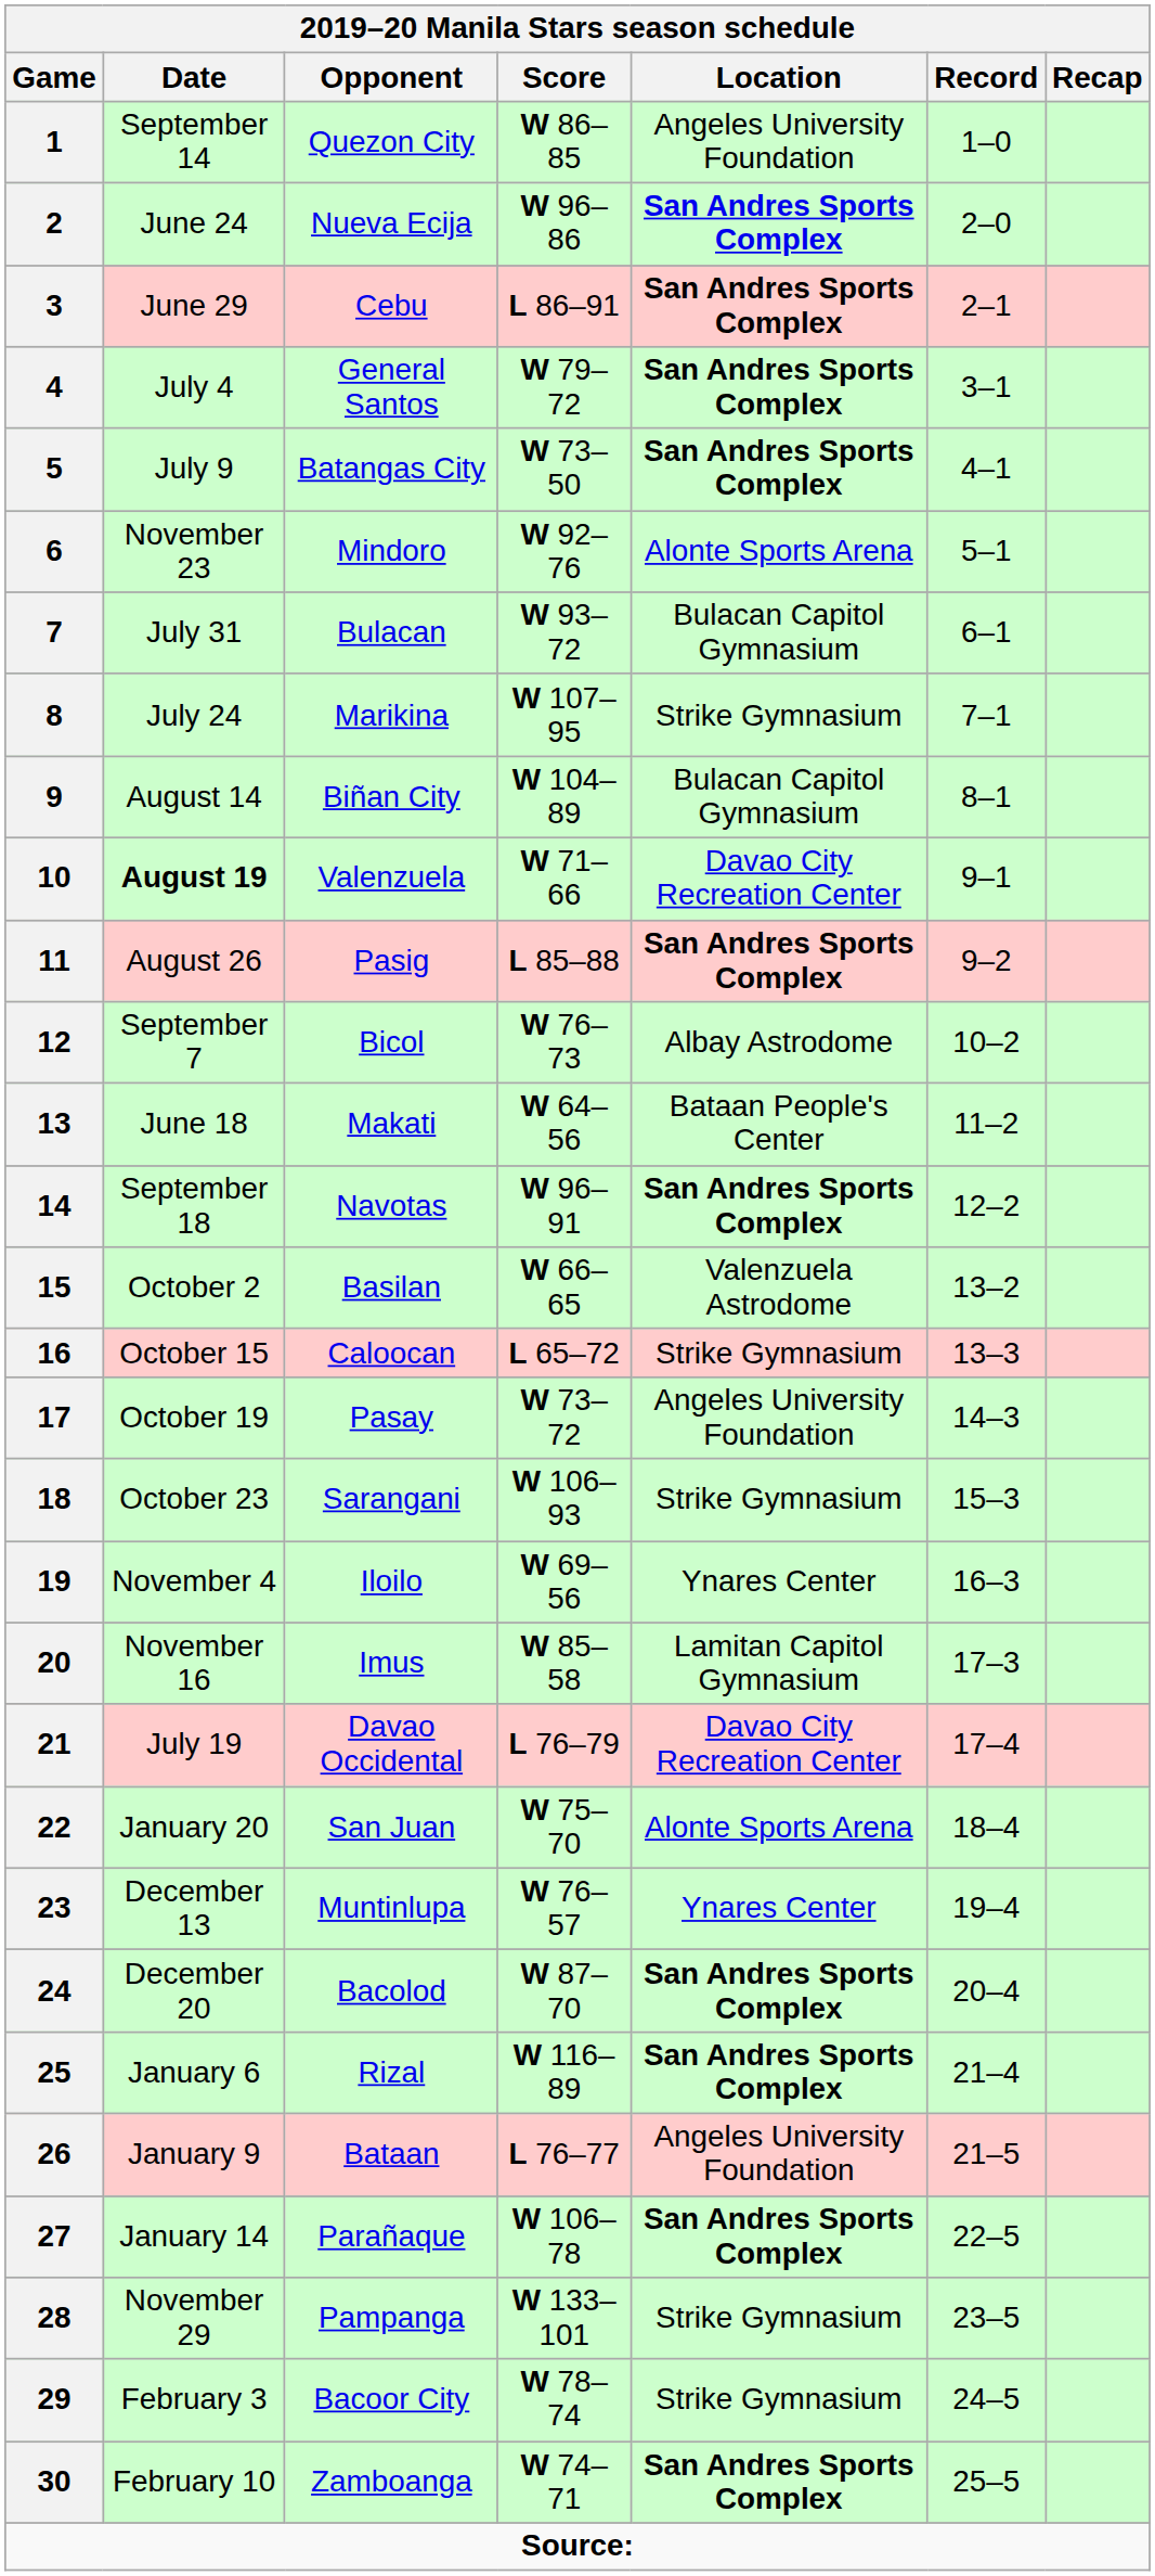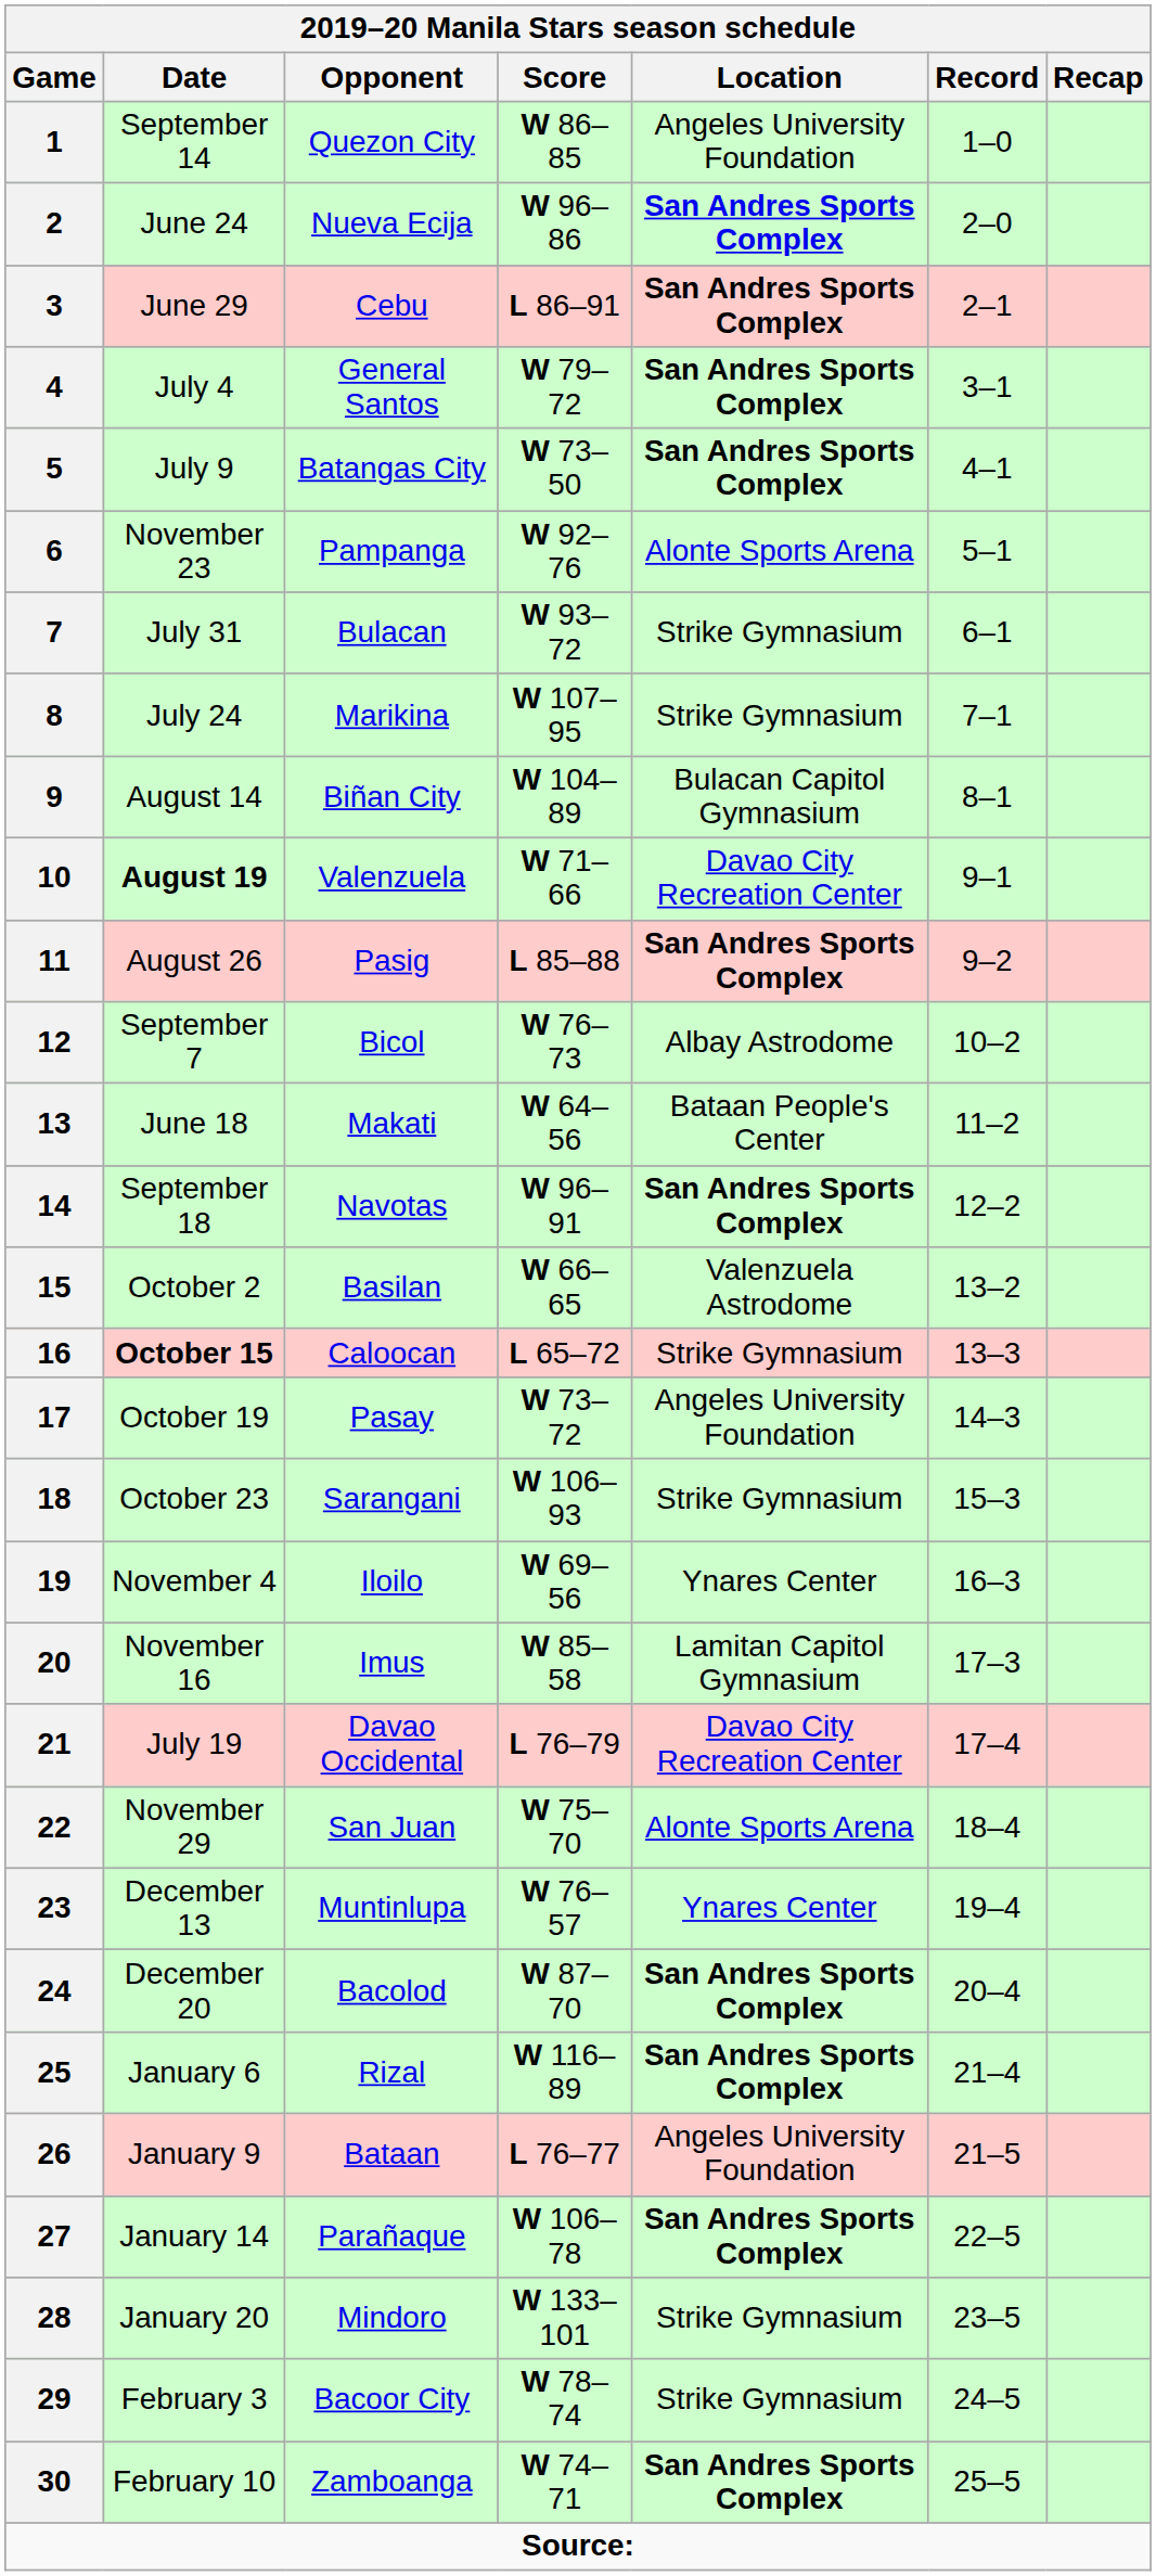 <table class="wikitable" style="text-align:center">
 <tr>
 <th colspan=7>2019–20 Manila Stars season schedule</th>
 </tr>
 <tr>
 <th>Game</th>
 <th>Date</th>
 <th>Opponent</th>
 <th>Score</th>
 <th>Location</th>
 <th>Record</th>
 <th>Recap<br></th>
 </tr>
 <tr style="background:#cfc">
 <th>1</th>
 <td>September 14</td>
 <td><a href='#'>Quezon City</a></td>
 <td><strong>W</strong> 86–85</td>
 <td>Angeles University Foundation</td>
 <td>1–0</td>
 <td></td>
 </tr>
 <tr style="background:#cfc">
 <th>2</th>
 <td>June 24</td>
 <td><a href='#'>Nueva Ecija</a></td>
 <td><strong>W</strong> 96–86</td>
 <td><strong><a href='#'>San Andres Sports Complex</a></strong></td>
 <td>2–0</td>
 <td></td>
 </tr>
 <tr style="background:#fcc">
 <th>3</th>
 <td>June 29</td>
 <td><a href='#'>Cebu</a></td>
 <td><strong>L</strong> 86–91</td>
 <td><strong>San Andres Sports Complex</strong></td>
 <td>2–1</td>
 <td></td>
 </tr>
 <tr style="background:#cfc">
 <th>4</th>
 <td>July 4</td>
 <td><a href='#'>General Santos</a></td>
 <td><strong>W</strong> 79–72</td>
 <td><strong>San Andres Sports Complex</strong></td>
 <td>3–1</td>
 <td></td>
 </tr>
 <tr style="background:#cfc">
 <th>5</th>
 <td>July 9</td>
 <td><a href='#'>Batangas City</a></td>
 <td><strong>W</strong> 73–50</td>
 <td><strong>San Andres Sports Complex</strong></td>
 <td>4–1</td>
 <td></td>
 </tr>
 <tr style="background:#cfc">
 <th>6</th>
 <td>November 23</td>
-<td><a href='#'>Mindoro</a></td>
+<td><a href='#'>Pampanga</a></td>
 <td><strong>W</strong> 92–76</td>
 <td><a href='#'>Alonte Sports Arena</a></td>
 <td>5–1</td>
 <td></td>
 </tr>
 <tr style="background:#cfc">
 <th>7</th>
 <td>July 31</td>
 <td><a href='#'>Bulacan</a></td>
 <td><strong>W</strong> 93–72</td>
-<td>Bulacan Capitol Gymnasium</td>
+<td>Strike Gymnasium</td>
 <td>6–1</td>
 <td></td>
 </tr>
 <tr style="background:#cfc">
 <th>8</th>
 <td>July 24</td>
 <td><a href='#'>Marikina</a></td>
 <td><strong>W</strong> 107–95</td>
 <td>Strike Gymnasium</td>
 <td>7–1</td>
 <td></td>
 </tr>
 <tr style="background:#cfc">
 <th>9</th>
 <td>August 14</td>
 <td><a href='#'>Biñan City</a></td>
 <td><strong>W</strong> 104–89</td>
 <td>Bulacan Capitol Gymnasium</td>
 <td>8–1</td>
 <td></td>
 </tr>
 <tr style="background:#cfc">
 <th>10</th>
 <td><strong>August 19</strong></td>
 <td><a href='#'>Valenzuela</a></td>
 <td><strong>W</strong> 71–66</td>
 <td><a href='#'>Davao City Recreation Center</a></td>
 <td>9–1</td>
 <td></td>
 </tr>
 <tr style="background:#fcc">
 <th>11</th>
 <td>August 26</td>
 <td><a href='#'>Pasig</a></td>
 <td><strong>L</strong> 85–88</td>
 <td><strong>San Andres Sports Complex</strong></td>
 <td>9–2</td>
 <td><br></td>
 </tr>
 <tr style="background:#cfc">
 <th>12</th>
 <td>September 7</td>
 <td><a href='#'>Bicol</a></td>
 <td><strong>W</strong> 76–73</td>
 <td>Albay Astrodome</td>
 <td>10–2</td>
 <td></td>
 </tr>
 <tr style="background:#cfc">
 <th>13</th>
 <td>June 18</td>
 <td><a href='#'>Makati</a></td>
 <td><strong>W</strong> 64–56</td>
 <td>Bataan People's Center</td>
 <td>11–2</td>
 <td></td>
 </tr>
 <tr style="background:#cfc">
 <th>14</th>
 <td>September 18</td>
 <td><a href='#'>Navotas</a></td>
 <td><strong>W</strong> 96–91</td>
 <td><strong>San Andres Sports Complex</strong></td>
 <td>12–2</td>
 <td></td>
 </tr>
 <tr style="background:#cfc">
 <th>15</th>
 <td>October 2</td>
 <td><a href='#'>Basilan</a></td>
 <td><strong>W</strong> 66–65</td>
 <td>Valenzuela Astrodome</td>
 <td>13–2</td>
 <td></td>
 </tr>
 <tr style="background:#fcc">
 <th>16</th>
-<td>October 15</td>
+<td><strong>October 15</strong></td>
 <td><a href='#'>Caloocan</a></td>
 <td><strong>L</strong> 65–72</td>
 <td>Strike Gymnasium</td>
 <td>13–3</td>
 <td></td>
 </tr>
 <tr style="background:#cfc">
 <th>17</th>
 <td>October 19</td>
 <td><a href='#'>Pasay</a></td>
 <td><strong>W</strong> 73–72</td>
 <td>Angeles University Foundation</td>
 <td>14–3</td>
 <td></td>
 </tr>
 <tr style="background:#cfc">
 <th>18</th>
 <td>October 23</td>
 <td><a href='#'>Sarangani</a></td>
 <td><strong>W</strong> 106–93</td>
 <td>Strike Gymnasium</td>
 <td>15–3</td>
 <td></td>
 </tr>
 <tr style="background:#cfc">
 <th>19</th>
 <td>November 4</td>
 <td><a href='#'>Iloilo</a></td>
 <td><strong>W</strong> 69–56</td>
 <td>Ynares Center</td>
 <td>16–3</td>
 <td></td>
 </tr>
 <tr style="background:#cfc">
 <th>20</th>
 <td>November 16</td>
 <td><a href='#'>Imus</a></td>
 <td><strong>W</strong> 85–58</td>
 <td>Lamitan Capitol Gymnasium</td>
 <td>17–3</td>
 <td></td>
 </tr>
 <tr style="background:#fcc">
 <th>21</th>
 <td>July 19</td>
 <td><a href='#'>Davao Occidental</a></td>
 <td><strong>L</strong> 76–79</td>
 <td><a href='#'>Davao City Recreation Center</a></td>
 <td>17–4</td>
 <td></td>
 </tr>
 <tr style="background:#cfc">
 <th>22</th>
-<td>January 20</td>
+<td>November 29</td>
 <td><a href='#'>San Juan</a></td>
 <td><strong>W</strong> 75–70</td>
 <td><a href='#'>Alonte Sports Arena</a></td>
 <td>18–4</td>
 <td><br></td>
 </tr>
 <tr style="background:#cfc">
 <th>23</th>
 <td>December 13</td>
 <td><a href='#'>Muntinlupa</a></td>
 <td><strong>W</strong> 76–57</td>
 <td><a href='#'>Ynares Center</a></td>
 <td>19–4</td>
 <td></td>
 </tr>
 <tr style="background:#cfc">
 <th>24</th>
 <td>December 20</td>
 <td><a href='#'>Bacolod</a></td>
 <td><strong>W</strong> 87–70</td>
 <td><strong>San Andres Sports Complex</strong></td>
 <td>20–4</td>
 <td></td>
 </tr>
 <tr style="background:#cfc">
 <th>25</th>
 <td>January 6</td>
 <td><a href='#'>Rizal</a></td>
 <td><strong>W</strong> 116–89</td>
 <td><strong>San Andres Sports Complex</strong></td>
 <td>21–4</td>
 <td></td>
 </tr>
 <tr style="background:#fcc">
 <th>26</th>
 <td>January 9</td>
 <td><a href='#'>Bataan</a></td>
 <td><strong>L</strong> 76–77</td>
 <td>Angeles University Foundation</td>
 <td>21–5</td>
 <td></td>
 </tr>
 <tr style="background:#cfc">
 <th>27</th>
 <td>January 14</td>
 <td><a href='#'>Parañaque</a></td>
 <td><strong>W</strong> 106–78</td>
 <td><strong>San Andres Sports Complex</strong></td>
 <td>22–5</td>
 <td></td>
 </tr>
 <tr style="background:#cfc">
 <th>28</th>
-<td>November 29</td>
-<td><a href='#'>Pampanga</a></td>
+<td>January 20</td>
+<td><a href='#'>Mindoro</a></td>
 <td><strong>W</strong> 133–101</td>
 <td>Strike Gymnasium</td>
 <td>23–5</td>
 <td></td>
 </tr>
 <tr style="background:#cfc">
 <th>29</th>
 <td>February 3</td>
 <td><a href='#'>Bacoor City</a></td>
 <td><strong>W</strong> 78–74</td>
 <td>Strike Gymnasium</td>
 <td>24–5</td>
 <td></td>
 </tr>
 <tr style="background:#cfc">
 <th>30</th>
 <td>February 10</td>
 <td><a href='#'>Zamboanga</a></td>
 <td><strong>W</strong> 74–71</td>
 <td><strong>San Andres Sports Complex</strong></td>
 <td>25–5</td>
 <td></td>
 </tr>
 <tr>
 <td colspan=7 align=center><strong>Source: </strong></td>
 </tr>
 </table>
